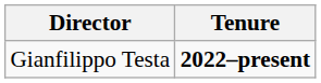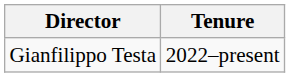 <table class="wikitable sortable">
 <tr>
 <th>Director</th>
 <th>Tenure</th>
 </tr>
 <tr>
 <td>Gianfilippo Testa</td>
-<td><strong>2022–present</strong></td>
+<td>2022–present</td>
 </tr>
 </table>
